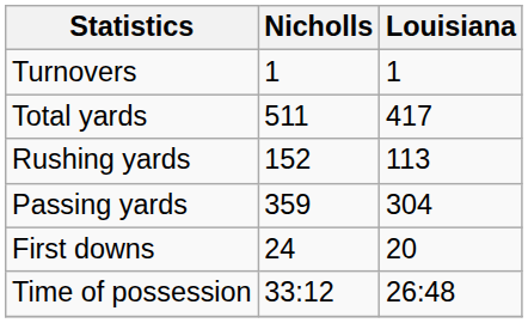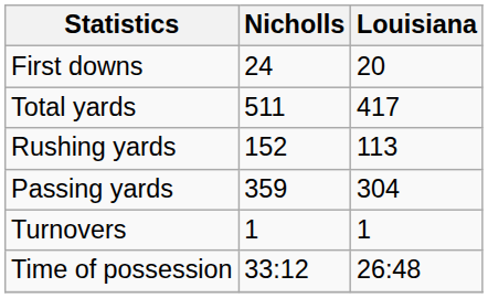 <table class="wikitable">
 <tr>
 <th>Statistics</th>
 <th>Nicholls</th>
 <th>Louisiana</th>
 </tr>
 <tr>
-<td>Turnovers</td>
-<td>1</td>
-<td>1</td>
+<td>First downs</td>
+<td>24</td>
+<td>20</td>
 </tr>
 <tr>
 <td>Total yards</td>
 <td>511</td>
 <td>417</td>
 </tr>
 <tr>
 <td>Rushing yards</td>
 <td>152</td>
 <td>113</td>
 </tr>
 <tr>
 <td>Passing yards</td>
 <td>359</td>
 <td>304</td>
 </tr>
 <tr>
-<td>First downs</td>
-<td>24</td>
-<td>20</td>
+<td>Turnovers</td>
+<td>1</td>
+<td>1</td>
 </tr>
 <tr>
 <td>Time of possession</td>
 <td>33:12</td>
 <td>26:48</td>
 </tr>
 <tr>
 </tr>
 </table>
